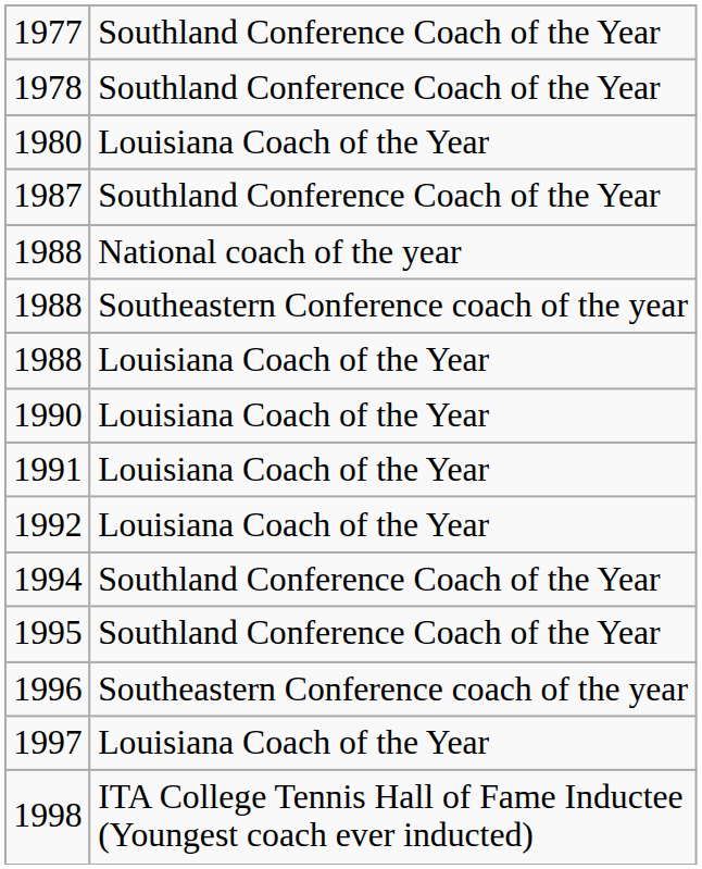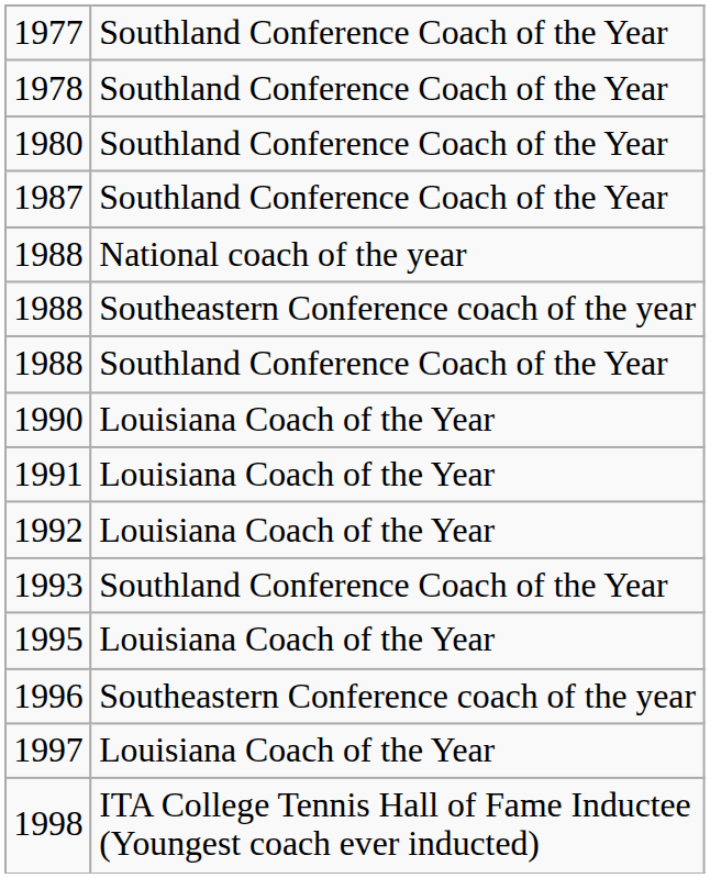 <table class="wikitable">
 <tr>
 <td>1977</td>
 <td>Southland Conference Coach of the Year</td>
 </tr>
 <tr>
 <td>1978</td>
 <td>Southland Conference Coach of the Year</td>
 </tr>
 <tr>
 <td>1980</td>
-<td>Louisiana Coach of the Year</td>
+<td>Southland Conference Coach of the Year</td>
 </tr>
 <tr>
 <td>1987</td>
 <td>Southland Conference Coach of the Year</td>
 </tr>
 <tr>
 <td>1988</td>
 <td>National coach of the year</td>
 </tr>
 <tr>
 <td>1988</td>
 <td>Southeastern Conference coach of the year</td>
 </tr>
 <tr>
 <td>1988</td>
-<td>Louisiana Coach of the Year</td>
+<td>Southland Conference Coach of the Year</td>
 </tr>
 <tr>
 <td>1990</td>
 <td>Louisiana Coach of the Year</td>
 </tr>
 <tr>
 <td>1991</td>
 <td>Louisiana Coach of the Year</td>
 </tr>
 <tr>
 <td>1992</td>
 <td>Louisiana Coach of the Year</td>
 </tr>
 <tr>
-<td>1994</td>
+<td>1993</td>
 <td>Southland Conference Coach of the Year</td>
 </tr>
 <tr>
 <td>1995</td>
-<td>Southland Conference Coach of the Year</td>
+<td>Louisiana Coach of the Year</td>
 </tr>
 <tr>
 <td>1996</td>
 <td>Southeastern Conference coach of the year</td>
 </tr>
 <tr>
 <td>1997</td>
 <td>Louisiana Coach of the Year</td>
 </tr>
 <tr>
 <td>1998</td>
 <td>ITA College Tennis Hall of Fame Inductee<br>(Youngest coach ever inducted)</td>
 </tr>
 </table>
